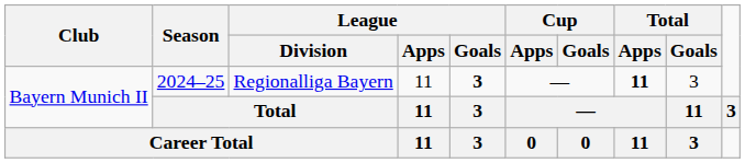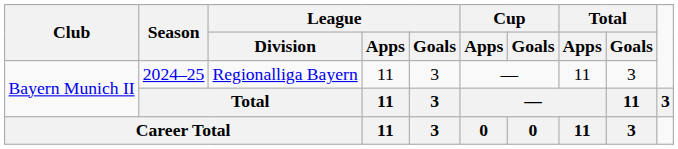 <table class="wikitable" Style="text-align: center">
 <tr>
 <th rowspan="2">Club</th>
 <th rowspan="2">Season</th>
 <th colspan="3">League</th>
 <th colspan="2">Cup</th>
 <th colspan="2">Total</th>
 </tr>
 <tr>
 <th>Division</th>
 <th>Apps</th>
 <th>Goals</th>
 <th>Apps</th>
 <th>Goals</th>
 <th>Apps</th>
 <th>Goals</th>
 </tr>
 <tr>
 <td rowspan="2"><a href='#'>Bayern Munich II</a></td>
 <td><a href='#'>2024–25</a></td>
 <td><a href='#'>Regionalliga Bayern</a></td>
 <td>11</td>
-<td><strong>3</strong></td>
+<td>3</td>
 <td colspan="2">—</td>
-<td><strong>11</strong></td>
+<td>11</td>
 <td>3</td>
 </tr>
 <tr>
 <th colspan="2">Total</th>
 <th>11</th>
 <th>3</th>
 <th colspan="3">—</th>
 <th>11</th>
 <th>3</th>
 </tr>
 <tr>
 <th colspan="3">Career Total</th>
 <th>11</th>
 <th>3</th>
 <th>0</th>
 <th>0</th>
 <th>11</th>
 <th>3</th>
 </tr>
 </table>
